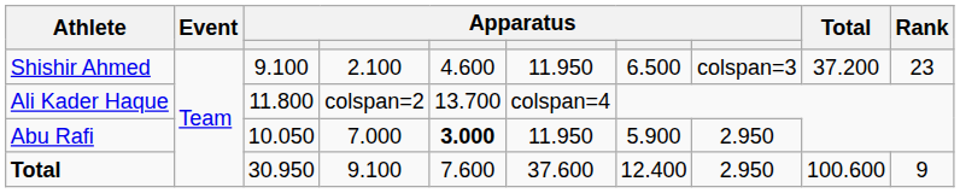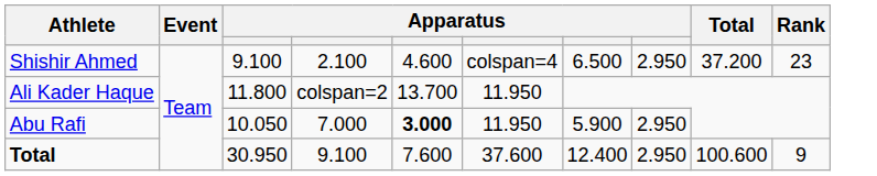 <table class=wikitable style=font-size:90%;text-align:center>
 <tr>
 <th rowspan=2>Athlete</th>
 <th rowspan=2>Event</th>
 <th colspan=6>Apparatus</th>
 <th rowspan=2>Total</th>
 <th rowspan=2>Rank</th>
 </tr>
 <tr style=font-size:95%>
 <th></th>
 <th></th>
 <th></th>
 <th></th>
 <th></th>
 <th></th>
 </tr>
 <tr>
 <td align=left><a href='#'>Shishir Ahmed</a></td>
 <td align=left rowspan=4><a href='#'>Team</a></td>
 <td>9.100</td>
 <td>2.100</td>
 <td>4.600</td>
-<td>11.950</td>
+<td>colspan=4 </td>
 <td>6.500</td>
-<td>colspan=3 </td>
+<td>2.950</td>
 <td>37.200</td>
 <td>23</td>
 </tr>
 <tr>
 <td align=left><a href='#'>Ali Kader Haque</a></td>
 <td>11.800</td>
 <td>colspan=2 </td>
 <td>13.700</td>
-<td>colspan=4 </td>
+<td>11.950</td>
 </tr>
 <tr>
 <td align=left><a href='#'>Abu Rafi</a></td>
 <td>10.050</td>
 <td>7.000</td>
 <td><strong>3.000</strong></td>
 <td>11.950</td>
 <td>5.900</td>
 <td>2.950</td>
 </tr>
 <tr>
 <td align=left><strong>Total</strong></td>
 <td>30.950</td>
 <td>9.100</td>
 <td>7.600</td>
 <td>37.600</td>
 <td>12.400</td>
 <td>2.950</td>
 <td>100.600</td>
 <td>9</td>
 </tr>
 </table>
